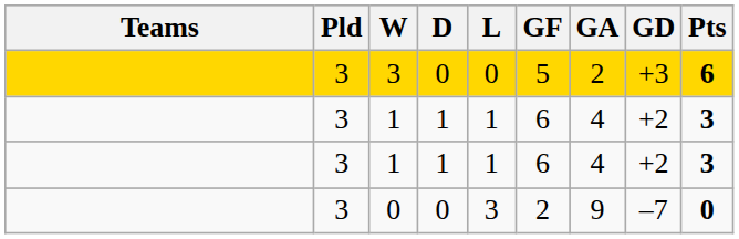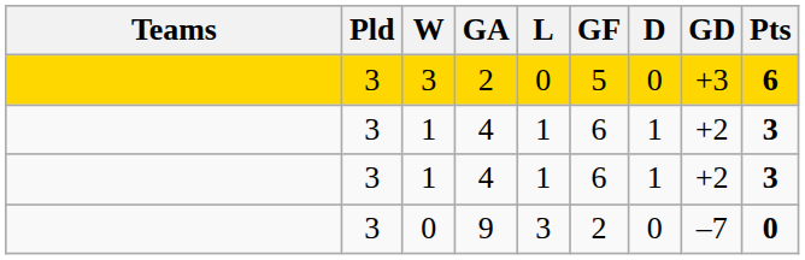 <table class="wikitable" style="text-align: center;">
 <tr>
 <th width=165>Teams</th>
 <th width=20>Pld</th>
 <th width=20>W</th>
-<th width=20>D</th>
+<th width=20>GA</th>
 <th width=20>L</th>
 <th width=20>GF</th>
-<th width=20>GA</th>
+<th width=20>D</th>
 <th width=20>GD</th>
 <th width=20>Pts</th>
 </tr>
 <tr align=center style="background:gold">
 <td style="text-align:left;"></td>
 <td>3</td>
 <td>3</td>
-<td>0</td>
+<td>2</td>
 <td>0</td>
 <td>5</td>
-<td>2</td>
+<td>0</td>
 <td>+3</td>
 <td><strong>6</strong></td>
 </tr>
 <tr align=center>
 <td style="text-align:left;"></td>
 <td>3</td>
 <td>1</td>
-<td>1</td>
+<td>4</td>
 <td>1</td>
 <td>6</td>
-<td>4</td>
+<td>1</td>
 <td>+2</td>
 <td><strong>3</strong></td>
 </tr>
 <tr align=center>
 <td style="text-align:left;"></td>
 <td>3</td>
 <td>1</td>
-<td>1</td>
+<td>4</td>
 <td>1</td>
 <td>6</td>
-<td>4</td>
+<td>1</td>
 <td>+2</td>
 <td><strong>3</strong></td>
 </tr>
 <tr align=center>
 <td style="text-align:left;"></td>
 <td>3</td>
 <td>0</td>
-<td>0</td>
+<td>9</td>
 <td>3</td>
 <td>2</td>
-<td>9</td>
+<td>0</td>
 <td>–7</td>
 <td><strong>0</strong></td>
 </tr>
 </table>
